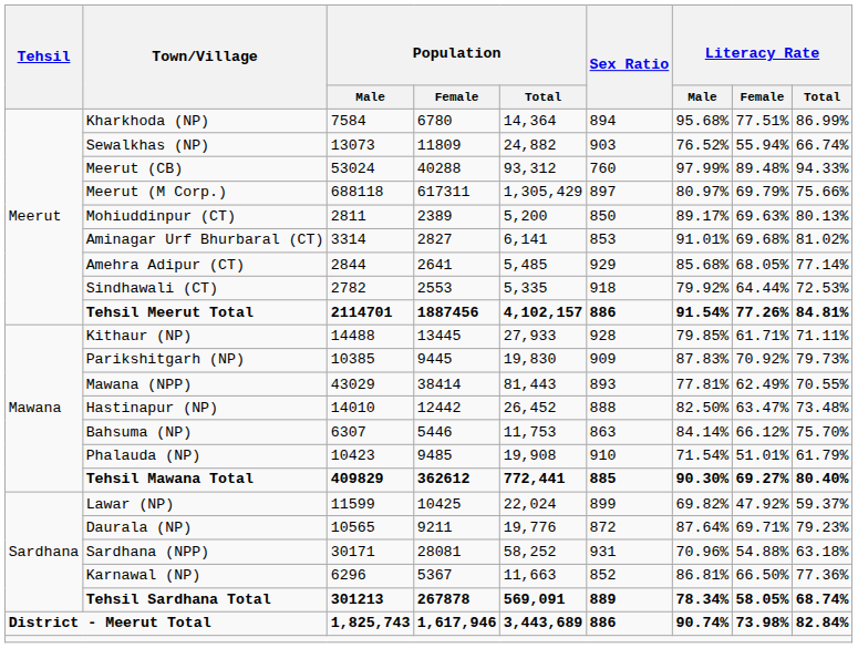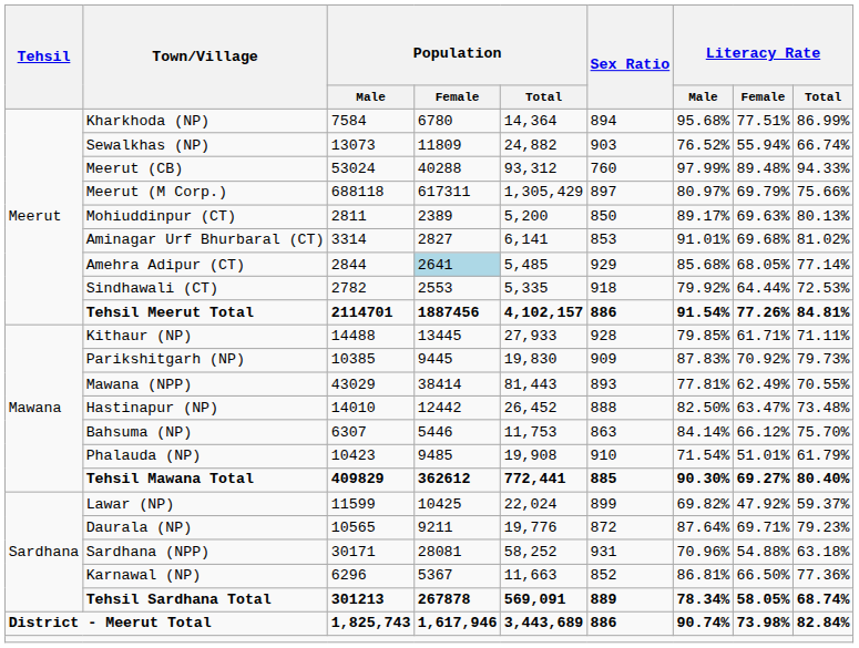 <table class="wikitable sortable mw-collapsible">
 <tr>
 <th rowspan="2"><a href='#'>Tehsil</a></th>
 <th rowspan="2">Town/Village </th>
 <th colspan="3"><br><h4>Population</h4></th>
 <th rowspan="2"><br><h4><a href='#'>Sex Ratio</a></h4></th>
 <th colspan="3"><br><h4><a href='#'>Literacy Rate</a></h4></th>
 </tr>
 <tr>
 <th><small>Male</small></th>
 <th><small>Female</small></th>
 <th><small>Total</small></th>
 <th><small>Male</small></th>
 <th><small>Female</small></th>
 <th><small>Total</small></th>
 </tr>
 <tr>
 <td rowspan="9">Meerut</td>
 <td>Kharkhoda (NP)</td>
 <td>7584</td>
 <td>6780</td>
 <td>14,364</td>
 <td>894</td>
 <td>95.68%</td>
 <td>77.51%</td>
 <td>86.99%</td>
 </tr>
 <tr>
 <td>Sewalkhas (NP)</td>
 <td>13073</td>
 <td>11809</td>
 <td>24,882</td>
 <td>903</td>
 <td>76.52%</td>
 <td>55.94%</td>
 <td>66.74%</td>
 </tr>
 <tr>
 <td>Meerut (CB)</td>
 <td>53024</td>
 <td>40288</td>
 <td>93,312</td>
 <td>760</td>
 <td>97.99%</td>
 <td>89.48%</td>
 <td>94.33%</td>
 </tr>
 <tr>
 <td>Meerut (M Corp.)</td>
 <td>688118</td>
 <td>617311</td>
 <td>1,305,429</td>
 <td>897</td>
 <td>80.97%</td>
 <td>69.79%</td>
 <td>75.66%</td>
 </tr>
 <tr>
 <td>Mohiuddinpur (CT)</td>
 <td>2811</td>
 <td>2389</td>
 <td>5,200</td>
 <td>850</td>
 <td>89.17%</td>
 <td>69.63%</td>
 <td>80.13%</td>
 </tr>
 <tr>
 <td>Aminagar Urf Bhurbaral (CT)</td>
 <td>3314</td>
 <td>2827</td>
 <td>6,141</td>
 <td>853</td>
 <td>91.01%</td>
 <td>69.68%</td>
 <td>81.02%</td>
 </tr>
 <tr>
 <td>Amehra Adipur (CT)</td>
 <td>2844</td>
-<td>2641</td>
+<td style="background: lightblue;">2641</td>
 <td>5,485</td>
 <td>929</td>
 <td>85.68%</td>
 <td>68.05%</td>
 <td>77.14%</td>
 </tr>
 <tr>
 <td>Sindhawali (CT)</td>
 <td>2782</td>
 <td>2553</td>
 <td>5,335</td>
 <td>918</td>
 <td>79.92%</td>
 <td>64.44%</td>
 <td>72.53%</td>
 </tr>
 <tr>
 <td><strong>Tehsil Meerut Total</strong></td>
 <td><strong>2114701</strong></td>
 <td><strong>1887456</strong></td>
 <td><strong>4,102,157</strong></td>
 <td><strong>886</strong></td>
 <td><strong>91.54%</strong></td>
 <td><strong>77.26%</strong></td>
 <td><strong>84.81%</strong></td>
 </tr>
 <tr>
 <td rowspan="7">Mawana</td>
 <td>Kithaur (NP)</td>
 <td>14488</td>
 <td>13445</td>
 <td>27,933</td>
 <td>928</td>
 <td>79.85%</td>
 <td>61.71%</td>
 <td>71.11%</td>
 </tr>
 <tr>
 <td>Parikshitgarh (NP)</td>
 <td>10385</td>
 <td>9445</td>
 <td>19,830</td>
 <td>909</td>
 <td>87.83%</td>
 <td>70.92%</td>
 <td>79.73%</td>
 </tr>
 <tr>
 <td>Mawana (NPP)</td>
 <td>43029</td>
 <td>38414</td>
 <td>81,443</td>
 <td>893</td>
 <td>77.81%</td>
 <td>62.49%</td>
 <td>70.55%</td>
 </tr>
 <tr>
 <td>Hastinapur (NP)</td>
 <td>14010</td>
 <td>12442</td>
 <td>26,452</td>
 <td>888</td>
 <td>82.50%</td>
 <td>63.47%</td>
 <td>73.48%</td>
 </tr>
 <tr>
 <td>Bahsuma (NP)</td>
 <td>6307</td>
 <td>5446</td>
 <td>11,753</td>
 <td>863</td>
 <td>84.14%</td>
 <td>66.12%</td>
 <td>75.70%</td>
 </tr>
 <tr>
 <td>Phalauda (NP)</td>
 <td>10423</td>
 <td>9485</td>
 <td>19,908</td>
 <td>910</td>
 <td>71.54%</td>
 <td>51.01%</td>
 <td>61.79%</td>
 </tr>
 <tr>
 <td><strong>Tehsil Mawana Total</strong></td>
 <td><strong>409829</strong></td>
 <td><strong>362612</strong></td>
 <td><strong>772,441</strong></td>
 <td><strong>885</strong></td>
 <td><strong>90.30%</strong></td>
 <td><strong>69.27%</strong></td>
 <td><strong>80.40%</strong></td>
 </tr>
 <tr>
 <td rowspan="5">Sardhana</td>
 <td>Lawar (NP)</td>
 <td>11599</td>
 <td>10425</td>
 <td>22,024</td>
 <td>899</td>
 <td>69.82%</td>
 <td>47.92%</td>
 <td>59.37%</td>
 </tr>
 <tr>
 <td>Daurala (NP)</td>
 <td>10565</td>
 <td>9211</td>
 <td>19,776</td>
 <td>872</td>
 <td>87.64%</td>
 <td>69.71%</td>
 <td>79.23%</td>
 </tr>
 <tr>
 <td>Sardhana (NPP)</td>
 <td>30171</td>
 <td>28081</td>
 <td>58,252</td>
 <td>931</td>
 <td>70.96%</td>
 <td>54.88%</td>
 <td>63.18%</td>
 </tr>
 <tr>
 <td>Karnawal (NP)</td>
 <td>6296</td>
 <td>5367</td>
 <td>11,663</td>
 <td>852</td>
 <td>86.81%</td>
 <td>66.50%</td>
 <td>77.36%</td>
 </tr>
 <tr>
 <td><strong>Tehsil Sardhana Total</strong></td>
 <td><strong>301213</strong></td>
 <td><strong>267878</strong></td>
 <td><strong>569,091</strong></td>
 <td><strong>889</strong></td>
 <td><strong>78.34%</strong></td>
 <td><strong>58.05%</strong></td>
 <td><strong>68.74%</strong></td>
 </tr>
 <tr>
 <td colspan="2"><strong>District - Meerut Total</strong></td>
 <td><strong>1,825,743</strong></td>
 <td><strong>1,617,946</strong></td>
 <td><strong>3,443,689</strong></td>
 <td><strong>886</strong></td>
 <td><strong>90.74%</strong></td>
 <td><strong>73.98%</strong></td>
 <td><strong>82.84%</strong></td>
 </tr>
 <tr>
 <td colspan="9"><small></small></td>
 </tr>
 </table>
